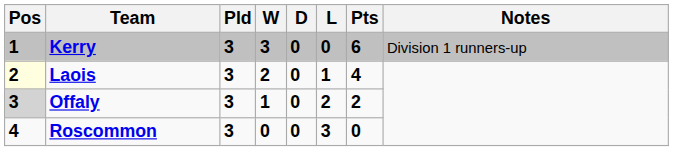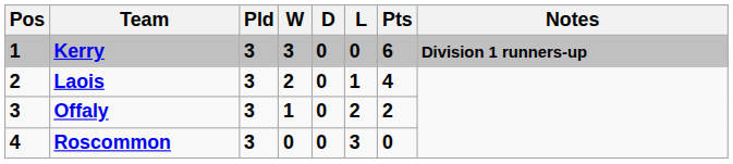 <table class="wikitable" style="text-align: centre;">
 <tr>
 <th width=20>Pos</th>
 <th width=150>Team</th>
 <th width=20>Pld</th>
 <th width=20>W</th>
 <th width=20>D</th>
 <th width=20>L</th>
 <th width=20>Pts</th>
 <th width=250>Notes</th>
 </tr>
 <tr style="background:silver;">
 <td><strong>1</strong></td>
 <td align=left><strong> <a href='#'>Kerry</a> </strong></td>
 <td><strong>3</strong></td>
 <td><strong>3</strong></td>
 <td><strong>0</strong></td>
 <td><strong>0</strong></td>
 <td><strong>6</strong></td>
-<td><small> Division 1 runners-up</small></td>
+<td><strong><small> Division 1 runners-up</small></strong></td>
 </tr>
 <tr style>
-<td style="background: lightyellow;"><strong>2</strong></td>
+<td><strong>2</strong></td>
 <td align=left><strong> <a href='#'>Laois</a> </strong></td>
 <td><strong>3</strong></td>
 <td><strong>2</strong></td>
 <td><strong>0</strong></td>
 <td><strong>1</strong></td>
 <td><strong>4</strong></td>
 </tr>
 <tr>
-<td style="background: lightgrey;"><strong>3</strong></td>
+<td><strong>3</strong></td>
 <td align=left><strong> <a href='#'>Offaly</a> </strong></td>
 <td><strong>3</strong></td>
 <td><strong>1</strong></td>
 <td><strong>0</strong></td>
 <td><strong>2</strong></td>
 <td><strong>2</strong></td>
 </tr>
 <tr style>
 <td><strong>4</strong></td>
 <td align=left><strong> <a href='#'>Roscommon</a> </strong></td>
 <td><strong>3</strong></td>
 <td><strong>0</strong></td>
 <td><strong>0</strong></td>
 <td><strong>3</strong></td>
 <td><strong>0</strong></td>
 </tr>
 </table>
